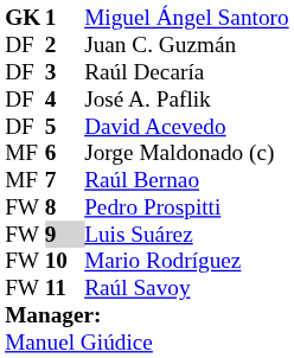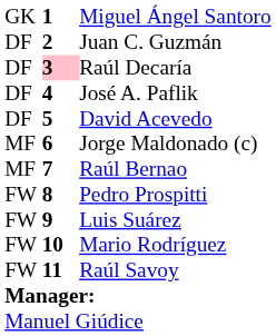 <table cellspacing="0" cellpadding="0" style="font-size:90%; margin:0.2em auto;">
 <tr>
 <th width="25"></th>
 <th width="25"></th>
 </tr>
 <tr>
-<td><strong>GK</strong></td>
+<td>GK</td>
 <td><strong>1</strong></td>
 <td> <a href='#'>Miguel Ángel Santoro</a></td>
 </tr>
 <tr>
 <td>DF</td>
 <td><strong>2</strong></td>
 <td> Juan C. Guzmán</td>
 </tr>
 <tr>
 <td>DF</td>
-<td><strong>3</strong></td>
+<td style="background: pink;"><strong>3</strong></td>
 <td> Raúl Decaría</td>
 </tr>
 <tr>
 <td>DF</td>
 <td><strong>4</strong></td>
 <td> José A. Paflik</td>
 </tr>
 <tr>
 <td>DF</td>
 <td><strong>5</strong></td>
 <td> <a href='#'>David Acevedo</a></td>
 </tr>
 <tr>
 <td>MF</td>
 <td><strong>6</strong></td>
 <td> Jorge Maldonado (c)</td>
 </tr>
 <tr>
 <td>MF</td>
 <td><strong>7</strong></td>
 <td> <a href='#'>Raúl Bernao</a></td>
 </tr>
 <tr>
 <td>FW</td>
 <td><strong>8</strong></td>
 <td> <a href='#'>Pedro Prospitti</a></td>
 </tr>
 <tr>
 <td>FW</td>
-<td style="background: lightgrey;"><strong>9</strong></td>
+<td><strong>9</strong></td>
 <td> <a href='#'>Luis Suárez</a></td>
 </tr>
 <tr>
 <td>FW</td>
 <td><strong>10</strong></td>
 <td> <a href='#'>Mario Rodríguez</a></td>
 </tr>
 <tr>
 <td>FW</td>
 <td><strong>11</strong></td>
 <td> <a href='#'>Raúl Savoy</a></td>
 </tr>
 <tr>
 <td colspan=3><strong>Manager:</strong></td>
 </tr>
 <tr>
 <td colspan=4> <a href='#'>Manuel Giúdice</a></td>
 </tr>
 </table>
